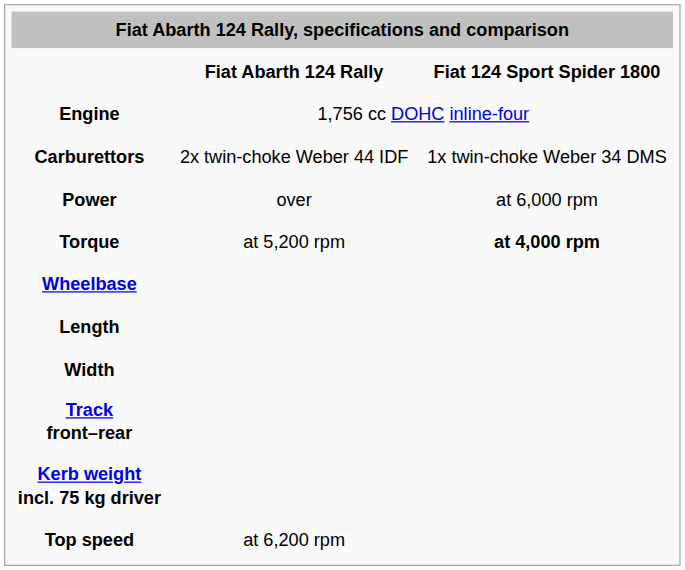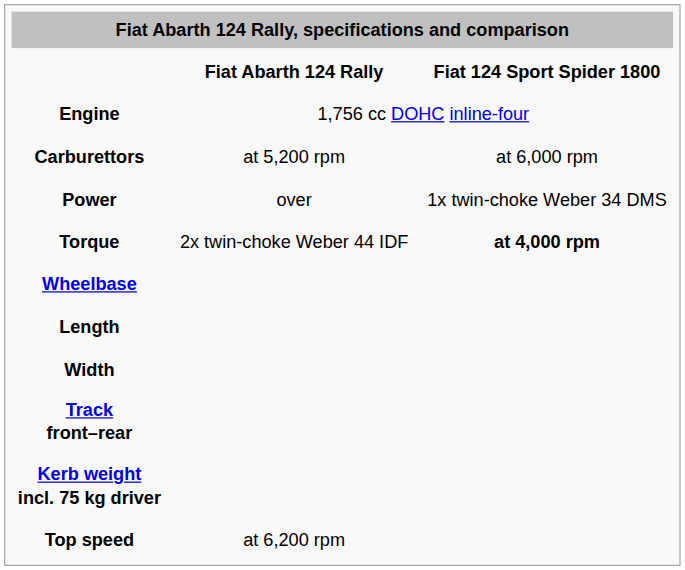 <table style="font-size:90%; text-align:center; line-height:1.3em; background-color:#F9F9F9; border:1px solid #AAAAAA; border-spacing:5px;" cellpadding=5>
 <tr>
 <th style="background-color:#C0C0C0; font-size:1em;" colspan=4>Fiat Abarth 124 Rally, specifications and comparison</th>
 </tr>
 <tr>
 <th></th>
 <th>Fiat Abarth 124 Rally</th>
 <th>Fiat 124 Sport Spider 1800</th>
 </tr>
 <tr>
 <th scope="row">Engine</th>
 <td colspan=2>1,756 cc <a href='#'>DOHC</a> <a href='#'>inline-four</a></td>
 </tr>
 <tr>
 <th scope="row">Carburettors</th>
-<td>2x twin-choke Weber 44 IDF</td>
-<td>1x twin-choke Weber 34 DMS</td>
+<td> at 5,200 rpm</td>
+<td> at 6,000 rpm</td>
 </tr>
 <tr>
 <th scope="row">Power</th>
 <td>over </td>
-<td> at 6,000 rpm</td>
+<td>1x twin-choke Weber 34 DMS</td>
 </tr>
 <tr>
 <th scope="row">Torque</th>
-<td> at 5,200 rpm</td>
+<td>2x twin-choke Weber 44 IDF</td>
 <td><strong> at 4,000 rpm</strong></td>
 </tr>
 <tr>
 <th scope="row"><a href='#'>Wheelbase</a></th>
 <td></td>
 <td></td>
 </tr>
 <tr>
 <th scope="row">Length</th>
 <td></td>
 <td></td>
 </tr>
 <tr>
 <th scope="row">Width</th>
 <td></td>
 <td></td>
 </tr>
 <tr>
 <th scope="row" style="line-height:1.2em;"><a href='#'>Track</a><br>front–rear</th>
 <td></td>
 <td></td>
 </tr>
 <tr>
 <th scope="row"><a href='#'>Kerb weight</a><br> incl. 75 kg driver</th>
 <td></td>
 <td></td>
 </tr>
 <tr>
 <th scope="row">Top speed</th>
 <td> at 6,200 rpm</td>
 <td></td>
 </tr>
 </table>
